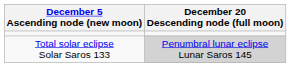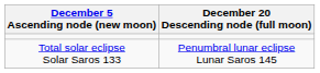 <table class="wikitable">
 <tr>
 <th><a href='#'>December 5</a><br>Ascending node (new moon)<br></th>
 <th>December 20<br>Descending node (full moon)<br></th>
 </tr>
 <tr>
 <td></td>
 <td></td>
 </tr>
 <tr align=center>
 <td><a href='#'>Total solar eclipse</a><br>Solar Saros 133</td>
-<td style="background: lightgrey;"><a href='#'>Penumbral lunar eclipse</a><br>Lunar Saros 145</td>
+<td><a href='#'>Penumbral lunar eclipse</a><br>Lunar Saros 145</td>
 </tr>
 </table>
